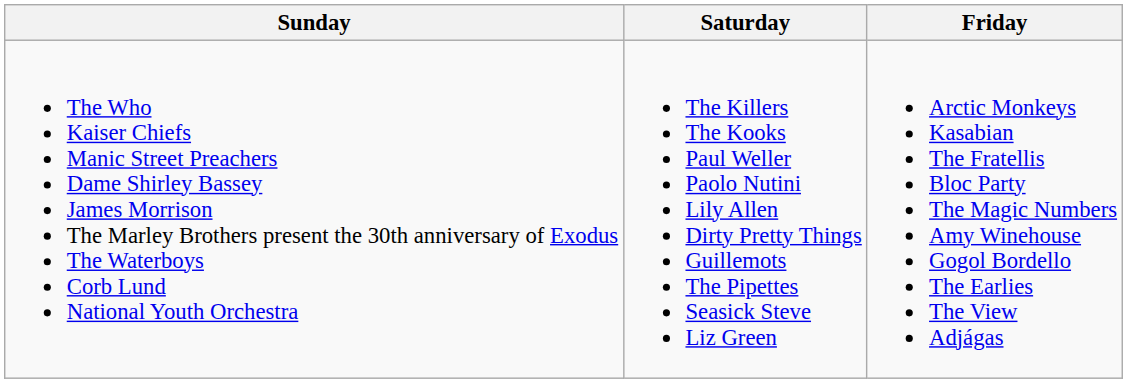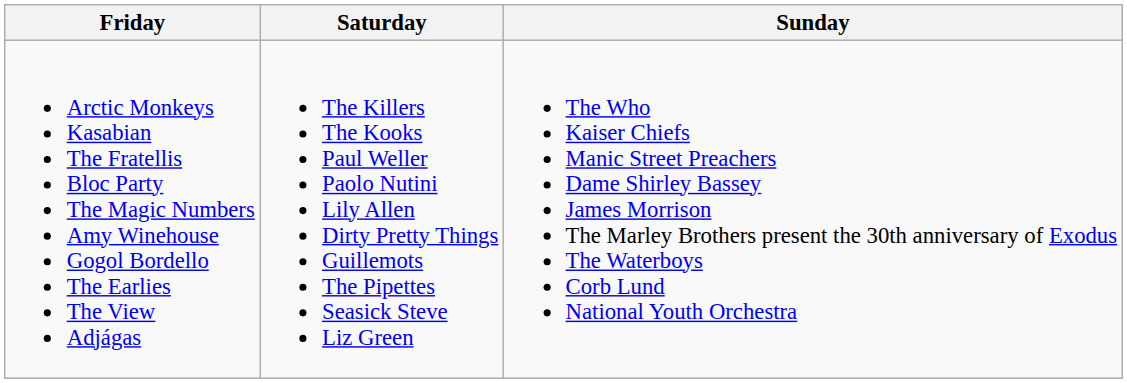 <table class="wikitable">
 <tr>
+<th>Friday</th>
+<th>Saturday</th>
 <th>Sunday</th>
-<th>Saturday</th>
-<th>Friday</th>
 </tr>
 <tr valign="top">
+<td><br><ul><li><a href='#'>Arctic Monkeys</a></li><li><a href='#'>Kasabian</a></li><li><a href='#'>The Fratellis</a></li><li><a href='#'>Bloc Party</a></li><li><a href='#'>The Magic Numbers</a></li><li><a href='#'>Amy Winehouse</a></li><li><a href='#'>Gogol Bordello</a></li><li><a href='#'>The Earlies</a></li><li><a href='#'>The View</a></li><li><a href='#'>Adjágas</a></li></ul></td>
+<td><br><ul><li><a href='#'>The Killers</a></li><li><a href='#'>The Kooks</a></li><li><a href='#'>Paul Weller</a></li><li><a href='#'>Paolo Nutini</a></li><li><a href='#'>Lily Allen</a></li><li><a href='#'>Dirty Pretty Things</a></li><li><a href='#'>Guillemots</a></li><li><a href='#'>The Pipettes</a></li><li><a href='#'>Seasick Steve</a></li><li><a href='#'>Liz Green</a></li></ul></td>
 <td><br><ul><li><a href='#'>The Who</a></li><li><a href='#'>Kaiser Chiefs</a></li><li><a href='#'>Manic Street Preachers</a></li><li><a href='#'>Dame Shirley Bassey</a></li><li><a href='#'>James Morrison</a></li><li>The Marley Brothers present the 30th anniversary of <a href='#'>Exodus</a></li><li><a href='#'>The Waterboys</a></li><li><a href='#'>Corb Lund</a></li><li><a href='#'>National Youth Orchestra</a></li></ul></td>
-<td><br><ul><li><a href='#'>The Killers</a></li><li><a href='#'>The Kooks</a></li><li><a href='#'>Paul Weller</a></li><li><a href='#'>Paolo Nutini</a></li><li><a href='#'>Lily Allen</a></li><li><a href='#'>Dirty Pretty Things</a></li><li><a href='#'>Guillemots</a></li><li><a href='#'>The Pipettes</a></li><li><a href='#'>Seasick Steve</a></li><li><a href='#'>Liz Green</a></li></ul></td>
-<td><br><ul><li><a href='#'>Arctic Monkeys</a></li><li><a href='#'>Kasabian</a></li><li><a href='#'>The Fratellis</a></li><li><a href='#'>Bloc Party</a></li><li><a href='#'>The Magic Numbers</a></li><li><a href='#'>Amy Winehouse</a></li><li><a href='#'>Gogol Bordello</a></li><li><a href='#'>The Earlies</a></li><li><a href='#'>The View</a></li><li><a href='#'>Adjágas</a></li></ul></td>
 </tr>
 </table>
